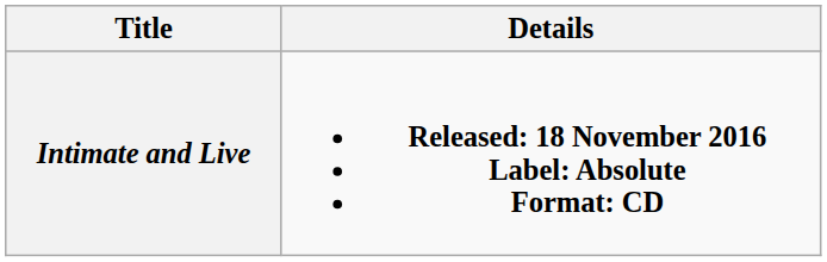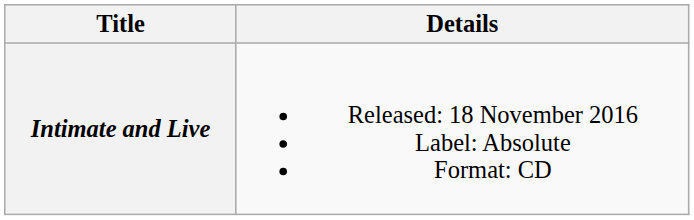 <table class="wikitable plainrowheaders" style="text-align:center;">
 <tr>
 <th scope="col" style="width:9em;">Title</th>
 <th scope="col" style="width:18em;">Details</th>
 </tr>
 <tr>
 <th scope="row"><em>Intimate and Live</em></th>
-<td><strong><br><ul><li>Released: 18 November 2016</li><li>Label: Absolute</li><li>Format: CD</li></ul></strong></td>
+<td><br><ul><li>Released: 18 November 2016</li><li>Label: Absolute</li><li>Format: CD</li></ul></td>
 </tr>
 </table>
